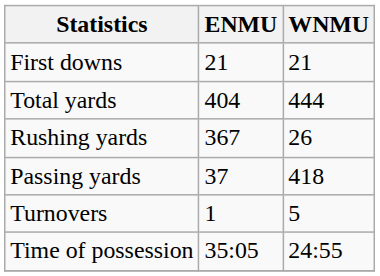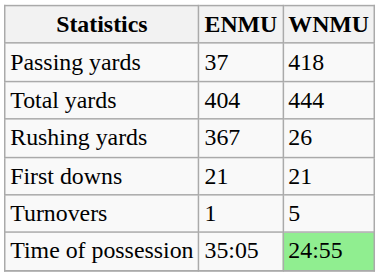 <table class="wikitable" style="float: left;">
 <tr>
 <th>Statistics</th>
 <th>ENMU</th>
 <th>WNMU</th>
 </tr>
 <tr>
-<td>First downs</td>
-<td>21</td>
-<td>21</td>
+<td>Passing yards</td>
+<td>37</td>
+<td>418</td>
 </tr>
 <tr>
 <td>Total yards</td>
 <td>404</td>
 <td>444</td>
 </tr>
 <tr>
 <td>Rushing yards</td>
 <td>367</td>
 <td>26</td>
 </tr>
 <tr>
-<td>Passing yards</td>
-<td>37</td>
-<td>418</td>
+<td>First downs</td>
+<td>21</td>
+<td>21</td>
 </tr>
 <tr>
 <td>Turnovers</td>
 <td>1</td>
 <td>5</td>
 </tr>
 <tr>
 <td>Time of possession</td>
 <td>35:05</td>
-<td>24:55</td>
+<td style="background: lightgreen;">24:55</td>
 </tr>
 <tr>
 </tr>
 </table>
